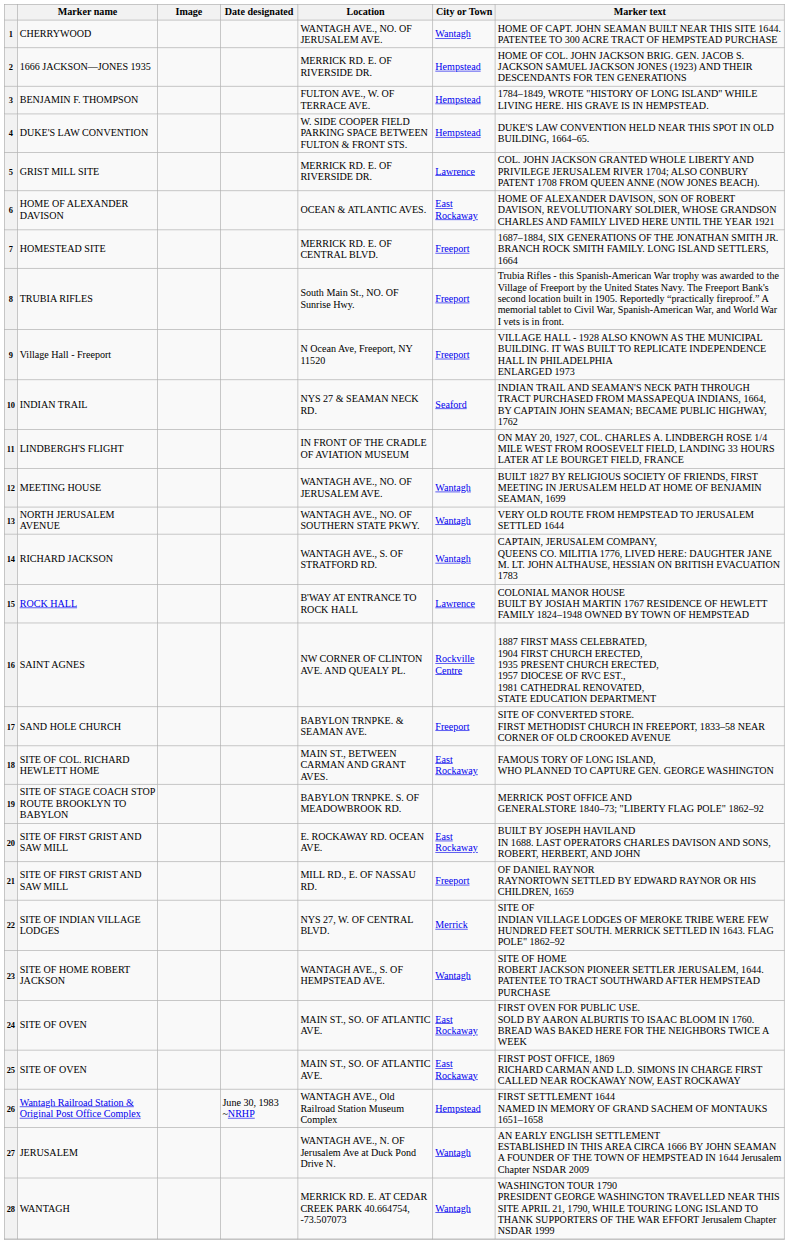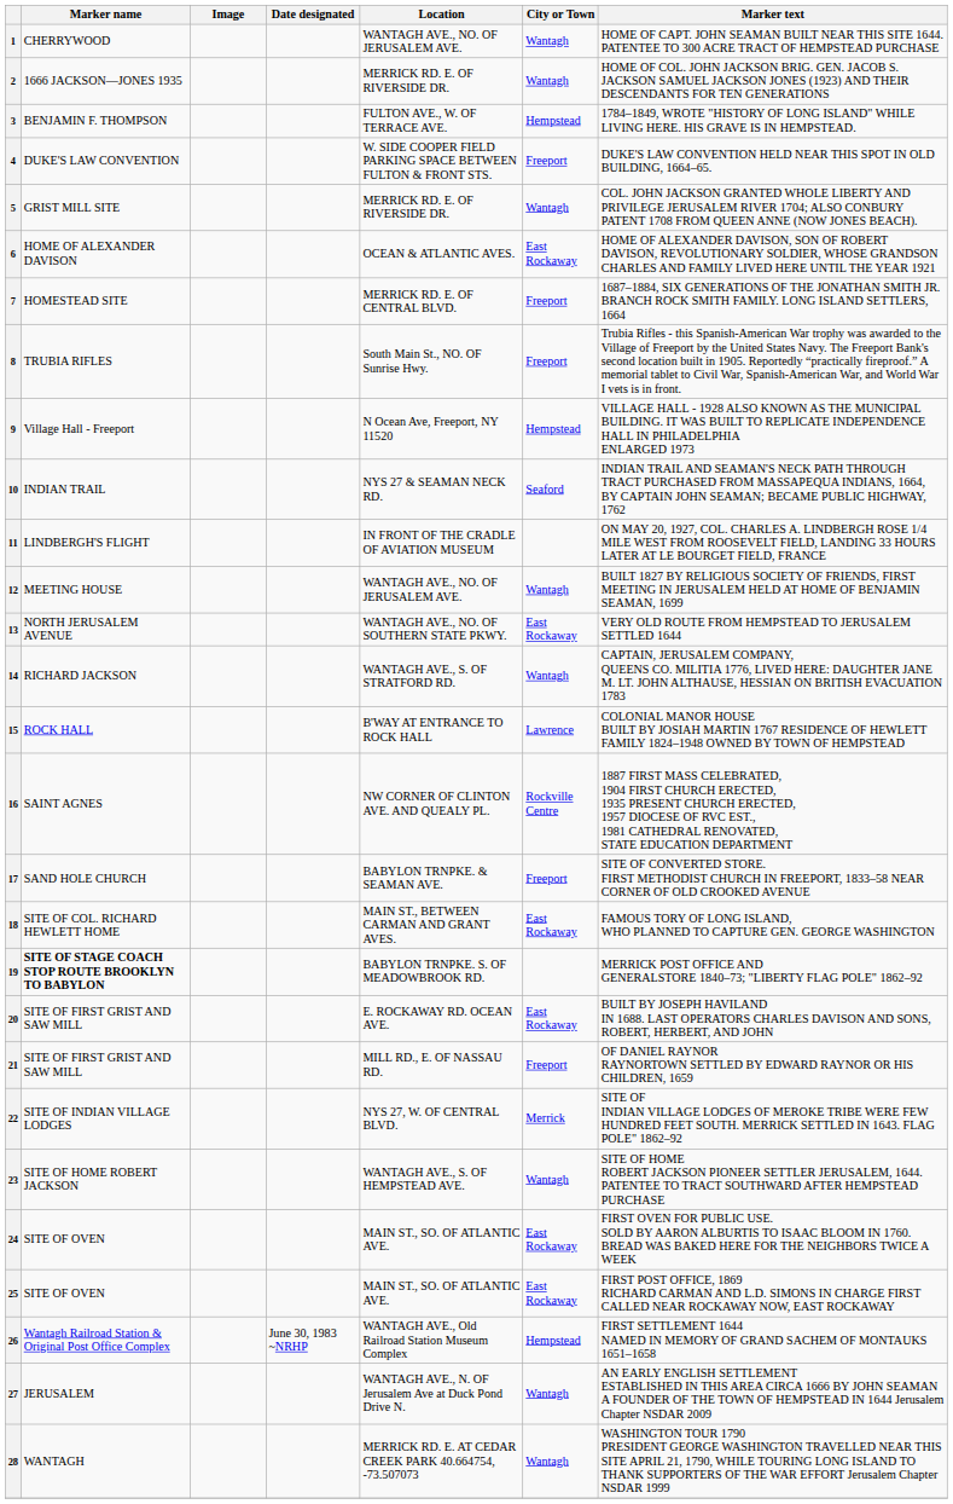 <table class="wikitable sortable" style="width:98%">
 <tr>
 <th></th>
 <th width = 18% ><strong>Marker name</strong></th>
 <th width = 8% class="unsortable" ><strong>Image</strong></th>
 <th width = 10% ><strong>Date designated</strong></th>
 <th><strong>Location</strong></th>
 <th width = 8% ><strong>City or Town</strong></th>
 <th class="unsortable" ><strong>Marker text</strong></th>
 </tr>
 <tr ->
 <th><small>1</small></th>
 <td>CHERRYWOOD</td>
 <td></td>
 <td></td>
 <td>WANTAGH AVE., NO. OF JERUSALEM AVE.</td>
 <td><a href='#'>Wantagh</a></td>
 <td>HOME OF CAPT. JOHN SEAMAN BUILT NEAR THIS SITE 1644. PATENTEE TO 300 ACRE TRACT OF HEMPSTEAD PURCHASE</td>
 </tr>
 <tr ->
 <th><small>2</small></th>
 <td>1666 JACKSON—JONES 1935</td>
 <td></td>
 <td></td>
 <td>MERRICK RD. E. OF RIVERSIDE DR.</td>
-<td><a href='#'>Hempstead</a></td>
+<td><a href='#'>Wantagh</a></td>
 <td>HOME OF COL. JOHN JACKSON BRIG. GEN. JACOB S. JACKSON SAMUEL JACKSON JONES (1923) AND THEIR DESCENDANTS FOR TEN GENERATIONS</td>
 </tr>
 <tr ->
 <th><small>3</small></th>
 <td>BENJAMIN F. THOMPSON</td>
 <td></td>
 <td></td>
 <td>FULTON AVE., W. OF TERRACE AVE.</td>
 <td><a href='#'>Hempstead</a></td>
 <td>1784–1849, WROTE "HISTORY OF LONG ISLAND" WHILE LIVING HERE. HIS GRAVE IS IN HEMPSTEAD.</td>
 </tr>
 <tr ->
 <th><small>4</small></th>
 <td>DUKE'S LAW CONVENTION</td>
 <td></td>
 <td></td>
 <td>W. SIDE COOPER FIELD PARKING SPACE BETWEEN FULTON & FRONT STS.</td>
-<td><a href='#'>Hempstead</a></td>
+<td><a href='#'>Freeport</a></td>
 <td>DUKE'S LAW CONVENTION HELD NEAR THIS SPOT IN OLD BUILDING, 1664–65. </td>
 </tr>
 <tr ->
 <th><small>5</small></th>
 <td>GRIST MILL SITE</td>
 <td></td>
 <td></td>
 <td>MERRICK RD. E. OF RIVERSIDE DR.</td>
-<td><a href='#'>Lawrence</a></td>
+<td><a href='#'>Wantagh</a></td>
 <td>COL. JOHN JACKSON GRANTED WHOLE LIBERTY AND PRIVILEGE JERUSALEM RIVER 1704; ALSO CONBURY PATENT 1708 FROM QUEEN ANNE (NOW JONES BEACH).</td>
 </tr>
 <tr ->
 <th><small>6</small></th>
 <td>HOME OF ALEXANDER DAVISON</td>
 <td></td>
 <td></td>
 <td>OCEAN & ATLANTIC AVES.</td>
 <td><a href='#'>East Rockaway</a></td>
 <td>HOME OF ALEXANDER DAVISON, SON OF ROBERT DAVISON, REVOLUTIONARY SOLDIER, WHOSE GRANDSON CHARLES AND FAMILY LIVED HERE UNTIL THE YEAR 1921 </td>
 </tr>
 <tr ->
 <th><small>7</small></th>
 <td>HOMESTEAD SITE</td>
 <td></td>
 <td></td>
 <td>MERRICK RD. E. OF CENTRAL BLVD.</td>
 <td><a href='#'>Freeport</a></td>
 <td>1687–1884, SIX GENERATIONS OF THE JONATHAN SMITH JR. BRANCH ROCK SMITH FAMILY. LONG ISLAND SETTLERS, 1664</td>
 </tr>
 <tr ->
 <th><small>8</small></th>
 <td>TRUBIA RIFLES</td>
 <td></td>
 <td></td>
 <td>South Main St., NO. OF Sunrise Hwy.</td>
 <td><a href='#'>Freeport</a></td>
 <td>Trubia Rifles -  this Spanish-American War trophy was awarded to the Village of Freeport by the United States Navy. The Freeport Bank's second location built in 1905. Reportedly “practically fireproof.”  A memorial tablet to Civil War, Spanish-American War, and World War I vets is in front.</td>
 </tr>
 <tr ->
 <th><small>9</small></th>
 <td>Village Hall - Freeport</td>
 <td></td>
 <td></td>
 <td>N Ocean Ave, Freeport, NY 11520</td>
-<td><a href='#'>Freeport</a></td>
+<td><a href='#'>Hempstead</a></td>
 <td>VILLAGE HALL - 1928 ALSO KNOWN AS THE MUNICIPAL BUILDING. IT WAS BUILT TO REPLICATE INDEPENDENCE HALL IN PHILADELPHIA<br>ENLARGED 1973</td>
 </tr>
 <tr ->
 <th><small>10</small></th>
 <td>INDIAN TRAIL</td>
 <td></td>
 <td></td>
 <td>NYS 27 & SEAMAN NECK RD.</td>
 <td><a href='#'>Seaford</a></td>
 <td>INDIAN TRAIL AND SEAMAN'S NECK PATH THROUGH TRACT PURCHASED FROM MASSAPEQUA INDIANS, 1664,<br>BY CAPTAIN JOHN SEAMAN; BECAME PUBLIC HIGHWAY, 1762</td>
 </tr>
 <tr ->
 <th><small>11</small></th>
 <td>LINDBERGH'S FLIGHT</td>
 <td></td>
 <td></td>
 <td>IN FRONT OF THE CRADLE OF AVIATION MUSEUM</td>
 <td></td>
 <td>ON MAY 20, 1927, COL. CHARLES A. LINDBERGH ROSE 1/4 MILE WEST FROM ROOSEVELT FIELD, LANDING 33 HOURS LATER AT LE BOURGET FIELD, FRANCE</td>
 </tr>
 <tr ->
 <th><small>12</small></th>
 <td>MEETING HOUSE</td>
 <td></td>
 <td></td>
 <td>WANTAGH AVE., NO. OF JERUSALEM AVE.</td>
 <td><a href='#'>Wantagh</a></td>
 <td>BUILT 1827 BY RELIGIOUS SOCIETY OF FRIENDS, FIRST MEETING IN JERUSALEM HELD AT HOME OF BENJAMIN SEAMAN, 1699</td>
 </tr>
 <tr ->
 <th><small>13</small></th>
 <td>NORTH JERUSALEM AVENUE</td>
 <td></td>
 <td></td>
 <td>WANTAGH AVE., NO. OF SOUTHERN STATE PKWY.</td>
-<td><a href='#'>Wantagh</a></td>
+<td><a href='#'>East Rockaway</a></td>
 <td>VERY OLD ROUTE FROM HEMPSTEAD TO JERUSALEM SETTLED 1644</td>
 </tr>
 <tr ->
 <th><small>14</small></th>
 <td>RICHARD JACKSON</td>
 <td></td>
 <td></td>
 <td>WANTAGH AVE., S. OF STRATFORD RD.</td>
 <td><a href='#'>Wantagh</a></td>
 <td>CAPTAIN, JERUSALEM COMPANY,<br>QUEENS CO. MILITIA 1776, LIVED HERE: DAUGHTER JANE M. LT. JOHN ALTHAUSE, HESSIAN ON BRITISH EVACUATION 1783</td>
 </tr>
 <tr ->
 <th><small>15</small></th>
 <td><a href='#'>ROCK HALL</a></td>
 <td></td>
 <td></td>
 <td>B'WAY AT ENTRANCE TO ROCK HALL</td>
 <td><a href='#'>Lawrence</a></td>
 <td>COLONIAL MANOR HOUSE<br>BUILT BY JOSIAH MARTIN 1767 RESIDENCE OF HEWLETT FAMILY 1824–1948 OWNED BY TOWN OF HEMPSTEAD</td>
 </tr>
 <tr ->
 <th><small>16</small></th>
 <td>SAINT AGNES</td>
 <td></td>
 <td></td>
 <td>NW CORNER OF CLINTON AVE. AND QUEALY PL.</td>
 <td><a href='#'>Rockville Centre</a></td>
 <td><br>1887 FIRST MASS CELEBRATED,<br> 1904 FIRST CHURCH ERECTED,<br> 1935 PRESENT CHURCH ERECTED,<br> 1957 DIOCESE OF RVC EST.,<br> 1981 CATHEDRAL RENOVATED,<br> STATE EDUCATION DEPARTMENT</td>
 </tr>
 <tr ->
 <th><small>17</small></th>
 <td>SAND HOLE CHURCH</td>
 <td></td>
 <td></td>
 <td>BABYLON TRNPKE. & SEAMAN AVE.</td>
 <td><a href='#'>Freeport</a></td>
 <td>SITE OF CONVERTED STORE.<br>FIRST METHODIST CHURCH IN FREEPORT, 1833–58 NEAR CORNER OF OLD CROOKED AVENUE</td>
 </tr>
 <tr ->
 <th><small>18</small></th>
 <td>SITE OF COL. RICHARD HEWLETT HOME</td>
 <td></td>
 <td></td>
 <td>MAIN ST., BETWEEN CARMAN AND GRANT AVES.</td>
 <td><a href='#'>East Rockaway</a></td>
 <td>FAMOUS TORY OF LONG ISLAND,<br>WHO PLANNED TO CAPTURE GEN. GEORGE WASHINGTON</td>
 </tr>
 <tr ->
 <th><small>19</small></th>
-<td>SITE OF STAGE COACH STOP ROUTE BROOKLYN TO BABYLON</td>
+<td><strong>SITE OF STAGE COACH STOP ROUTE BROOKLYN TO BABYLON</strong></td>
 <td></td>
 <td></td>
 <td>BABYLON TRNPKE. S. OF MEADOWBROOK RD.</td>
 <td></td>
 <td>MERRICK POST OFFICE AND<br>GENERALSTORE 1840–73; "LIBERTY FLAG POLE" 1862–92</td>
 </tr>
 <tr ->
 <th><small>20</small></th>
 <td>SITE OF FIRST GRIST AND SAW MILL</td>
 <td></td>
 <td></td>
 <td>E. ROCKAWAY RD. OCEAN AVE.</td>
 <td><a href='#'>East Rockaway</a></td>
 <td>BUILT BY JOSEPH HAVILAND<br>IN 1688. LAST OPERATORS CHARLES DAVISON AND SONS, ROBERT, HERBERT, AND JOHN</td>
 </tr>
 <tr ->
 <th><small>21</small></th>
 <td>SITE OF FIRST GRIST AND SAW MILL</td>
 <td></td>
 <td></td>
 <td>MILL RD., E. OF NASSAU RD.</td>
 <td><a href='#'>Freeport</a></td>
 <td>OF DANIEL RAYNOR<br>RAYNORTOWN SETTLED BY EDWARD RAYNOR OR HIS CHILDREN, 1659</td>
 </tr>
 <tr ->
 <th><small>22</small></th>
 <td>SITE OF INDIAN VILLAGE LODGES</td>
 <td></td>
 <td></td>
 <td>NYS 27, W. OF CENTRAL BLVD.</td>
 <td><a href='#'>Merrick</a></td>
 <td>SITE OF<br>INDIAN VILLAGE LODGES OF MEROKE TRIBE WERE FEW HUNDRED FEET SOUTH. MERRICK SETTLED IN 1643. FLAG POLE" 1862–92</td>
 </tr>
 <tr ->
 <th><small>23</small></th>
 <td>SITE OF HOME ROBERT JACKSON</td>
 <td></td>
 <td></td>
 <td>WANTAGH AVE., S. OF HEMPSTEAD AVE.</td>
 <td><a href='#'>Wantagh</a></td>
 <td>SITE OF HOME<br>ROBERT JACKSON PIONEER SETTLER JERUSALEM, 1644. PATENTEE TO TRACT SOUTHWARD AFTER HEMPSTEAD PURCHASE</td>
 </tr>
 <tr ->
 <th><small>24</small></th>
 <td>SITE OF OVEN</td>
 <td></td>
 <td></td>
 <td>MAIN ST., SO. OF ATLANTIC AVE.</td>
 <td><a href='#'>East Rockaway</a></td>
 <td>FIRST OVEN FOR PUBLIC USE.<br>SOLD BY AARON ALBURTIS TO ISAAC BLOOM IN 1760. BREAD WAS BAKED HERE FOR THE NEIGHBORS TWICE A WEEK</td>
 </tr>
 <tr ->
 <th><small>25</small></th>
 <td>SITE OF OVEN</td>
 <td></td>
 <td></td>
 <td>MAIN ST., SO. OF ATLANTIC AVE.</td>
 <td><a href='#'>East Rockaway</a></td>
 <td>FIRST POST OFFICE, 1869<br>RICHARD CARMAN AND L.D. SIMONS IN CHARGE FIRST CALLED NEAR ROCKAWAY NOW, EAST ROCKAWAY</td>
 </tr>
 <tr ->
 <th><small>26</small></th>
 <td><a href='#'>Wantagh Railroad Station & Original Post Office Complex</a></td>
 <td></td>
 <td>June 30, 1983 ~<a href='#'>NRHP</a></td>
 <td>WANTAGH AVE., Old Railroad Station Museum Complex</td>
 <td><a href='#'>Hempstead</a></td>
 <td>FIRST SETTLEMENT 1644<br>NAMED IN MEMORY OF GRAND SACHEM OF MONTAUKS 1651–1658</td>
 </tr>
 <tr ->
 <th><small>27</small></th>
 <td>JERUSALEM</td>
 <td></td>
 <td></td>
 <td>WANTAGH AVE., N. OF Jerusalem Ave at Duck Pond Drive N.</td>
 <td><a href='#'>Wantagh</a></td>
 <td>AN EARLY ENGLISH SETTLEMENT<br>ESTABLISHED IN THIS AREA CIRCA 1666 BY JOHN SEAMAN A FOUNDER OF THE TOWN OF HEMPSTEAD IN 1644 Jerusalem Chapter  NSDAR 2009</td>
 </tr>
 <tr ->
 <th><small>28</small></th>
 <td>WANTAGH</td>
 <td></td>
 <td></td>
 <td>MERRICK RD. E. AT CEDAR CREEK PARK 40.664754, -73.507073</td>
 <td><a href='#'>Wantagh</a></td>
 <td>WASHINGTON TOUR 1790<br>PRESIDENT GEORGE WASHINGTON  TRAVELLED NEAR THIS SITE APRIL 21, 1790, WHILE TOURING LONG ISLAND TO THANK SUPPORTERS OF THE WAR EFFORT Jerusalem Chapter  NSDAR 1999</td>
 </tr>
 <tr ->
 </tr>
 </table>
